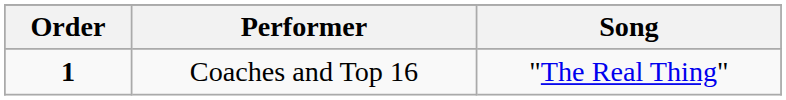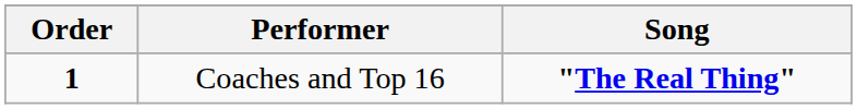 <table class="wikitable" style="text-align:center; width:50%;">
 <tr>
 </tr>
 <tr>
 <th>Order</th>
 <th>Performer</th>
 <th>Song</th>
 </tr>
 <tr>
 <td><strong>1</strong></td>
 <td>Coaches and Top 16</td>
-<td>"<a href='#'>The Real Thing</a>"</td>
+<td><strong>"<a href='#'>The Real Thing</a>"</strong></td>
 </tr>
 </table>
